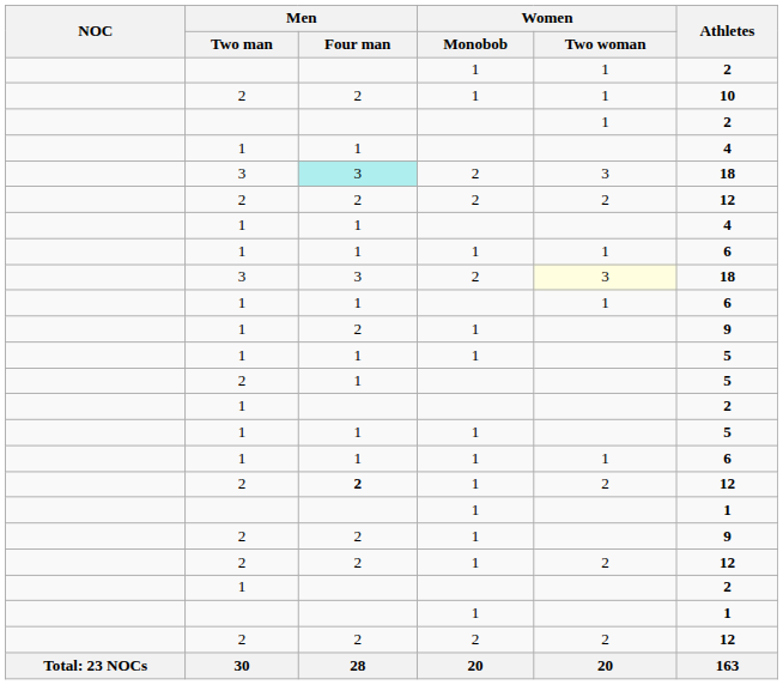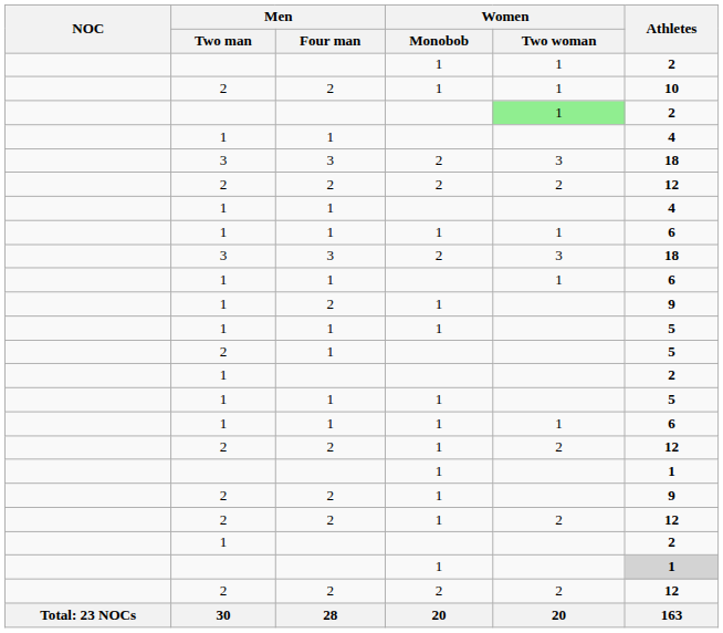 <table class="wikitable sortable" width=710 style="text-align:center; font-size:90%">
 <tr>
 <th rowspan="2" align="left">NOC</th>
 <th colspan="2">Men</th>
 <th colspan="2">Women</th>
 <th rowspan="2">Athletes</th>
 </tr>
 <tr>
 <th>Two man</th>
 <th>Four man</th>
 <th>Monobob</th>
 <th>Two woman</th>
 </tr>
 <tr>
 <td align="left"></td>
 <td></td>
 <td></td>
 <td>1</td>
 <td>1</td>
 <td><strong>2</strong></td>
 </tr>
 <tr>
 <td align="left"></td>
 <td>2</td>
 <td>2</td>
 <td>1</td>
 <td>1</td>
 <td><strong>10</strong></td>
 </tr>
 <tr>
 <td align="left"></td>
 <td></td>
 <td></td>
 <td></td>
-<td>1</td>
+<td style="background: lightgreen;">1</td>
 <td><strong>2</strong></td>
 </tr>
 <tr>
 <td align="left"></td>
 <td>1</td>
 <td>1</td>
 <td></td>
 <td></td>
 <td><strong>4</strong></td>
 </tr>
 <tr>
 <td align="left"></td>
 <td>3</td>
-<td style="background: paleturquoise;">3</td>
+<td>3</td>
 <td>2</td>
 <td>3</td>
 <td><strong>18</strong></td>
 </tr>
 <tr>
 <td align="left"></td>
 <td>2</td>
 <td>2</td>
 <td>2</td>
 <td>2</td>
 <td><strong>12</strong></td>
 </tr>
 <tr>
 <td align="left"></td>
 <td>1</td>
 <td>1</td>
 <td></td>
 <td></td>
 <td><strong>4</strong></td>
 </tr>
 <tr>
 <td align="left"></td>
 <td>1</td>
 <td>1</td>
 <td>1</td>
 <td>1</td>
 <td><strong>6</strong></td>
 </tr>
 <tr>
 <td align="left"></td>
 <td>3</td>
 <td>3</td>
 <td>2</td>
-<td style="background: lightyellow;">3</td>
+<td>3</td>
 <td><strong>18</strong></td>
 </tr>
 <tr>
 <td align="left"></td>
 <td>1</td>
 <td>1</td>
 <td></td>
 <td>1</td>
 <td><strong>6</strong></td>
 </tr>
 <tr>
 <td align="left"></td>
 <td>1</td>
 <td>2</td>
 <td>1</td>
 <td></td>
 <td><strong>9</strong></td>
 </tr>
 <tr>
 <td align="left"></td>
 <td>1</td>
 <td>1</td>
 <td>1</td>
 <td></td>
 <td><strong>5</strong></td>
 </tr>
 <tr>
 <td align="left"></td>
 <td>2</td>
 <td>1</td>
 <td></td>
 <td></td>
 <td><strong>5</strong></td>
 </tr>
 <tr>
 <td align="left"></td>
 <td>1</td>
 <td></td>
 <td></td>
 <td></td>
 <td><strong>2</strong></td>
 </tr>
 <tr>
 <td align="left"></td>
 <td>1</td>
 <td>1</td>
 <td>1</td>
 <td></td>
 <td><strong>5</strong></td>
 </tr>
 <tr>
 <td align="left"></td>
 <td>1</td>
 <td>1</td>
 <td>1</td>
 <td>1</td>
 <td><strong>6</strong></td>
 </tr>
 <tr>
 <td align="left"></td>
 <td>2</td>
-<td><strong>2</strong></td>
+<td>2</td>
 <td>1</td>
 <td>2</td>
 <td><strong>12</strong></td>
 </tr>
 <tr>
 <td align="left"></td>
 <td></td>
 <td></td>
 <td>1</td>
 <td></td>
 <td><strong>1</strong></td>
 </tr>
 <tr>
 <td align="left"></td>
 <td>2</td>
 <td>2</td>
 <td>1</td>
 <td></td>
 <td><strong>9</strong></td>
 </tr>
 <tr>
 <td align="left"></td>
 <td>2</td>
 <td>2</td>
 <td>1</td>
 <td>2</td>
 <td><strong>12</strong></td>
 </tr>
 <tr>
 <td align="left"></td>
 <td>1</td>
 <td></td>
 <td></td>
 <td></td>
 <td><strong>2</strong></td>
 </tr>
 <tr>
 <td align="left"></td>
 <td></td>
 <td></td>
 <td>1</td>
 <td></td>
-<td><strong>1</strong></td>
+<td style="background: lightgrey;"><strong>1</strong></td>
 </tr>
 <tr>
 <td align="left"></td>
 <td>2</td>
 <td>2</td>
 <td>2</td>
 <td>2</td>
 <td><strong>12</strong></td>
 </tr>
 <tr>
 <th>Total: 23 NOCs</th>
 <th>30</th>
 <th>28</th>
 <th>20</th>
 <th>20</th>
 <th>163</th>
 </tr>
 </table>
